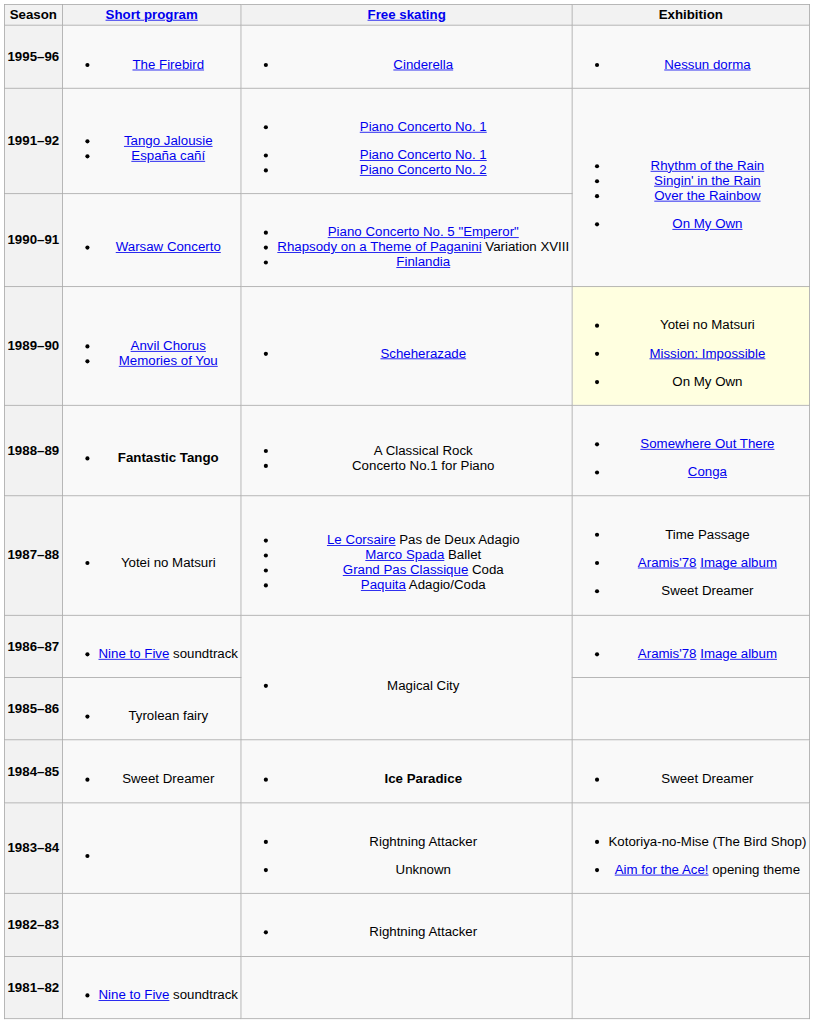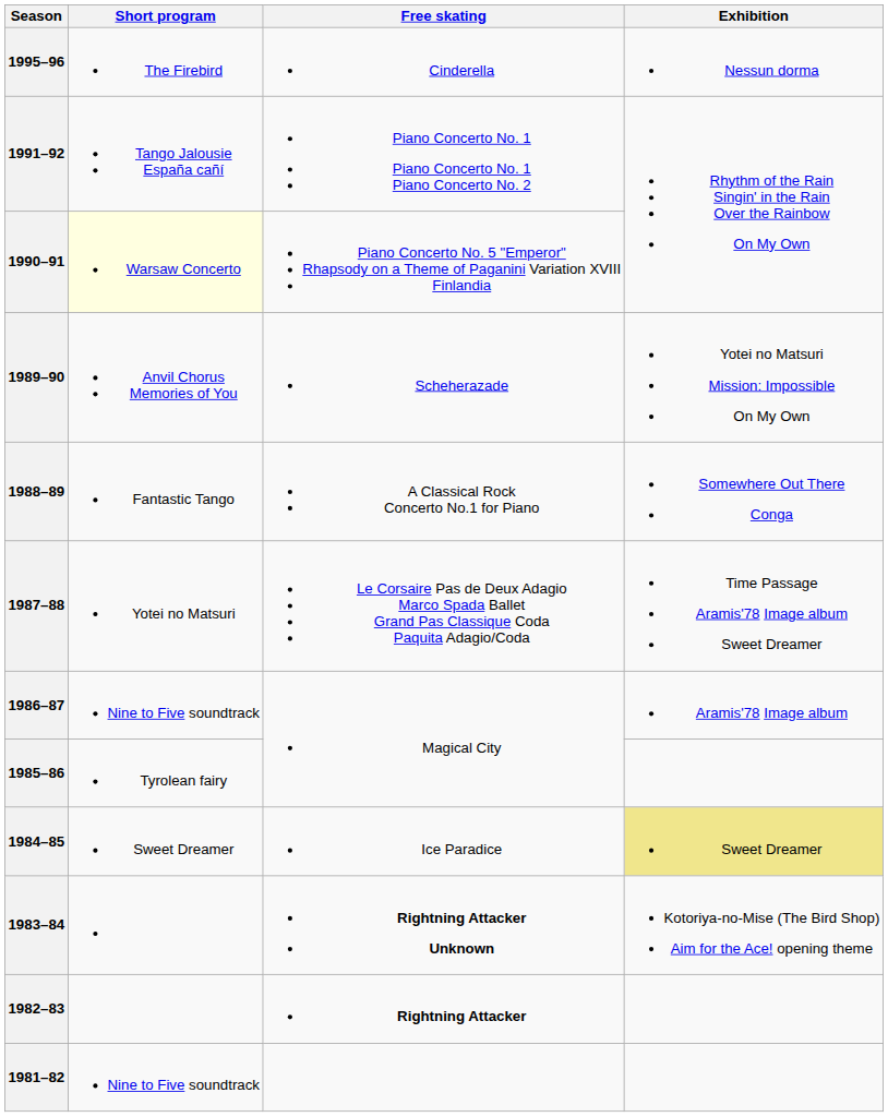 <table class="wikitable" style="text-align:center">
 <tr>
 <th>Season</th>
 <th><a href='#'>Short program</a></th>
 <th><a href='#'>Free skating</a></th>
 <th>Exhibition</th>
 </tr>
 <tr>
 <th>1995–96</th>
 <td><br><ul><li><a href='#'>The Firebird</a> <br> </li></ul></td>
 <td><br><ul><li><a href='#'>Cinderella</a> <br> </li></ul></td>
 <td><br><ul><li><a href='#'>Nessun dorma</a> <br> </li></ul></td>
 </tr>
 <tr>
 <th>1991–92</th>
 <td><br><ul><li><a href='#'>Tango Jalousie</a> <br> </li><li><a href='#'>España cañí</a> <br> </li></ul></td>
 <td><br><ul><li><a href='#'>Piano Concerto No. 1</a> <br> </li></ul><ul><li><a href='#'>Piano Concerto No. 1</a></li><li><a href='#'>Piano Concerto No. 2</a> <br> </li></ul></td>
 <td rowspan=2><br><ul><li><a href='#'>Rhythm of the Rain</a> <br> </li><li><a href='#'>Singin' in the Rain</a> <br> </li><li><a href='#'>Over the Rainbow</a> <br> </li></ul><ul><li><a href='#'>On My Own</a> <br> </li></ul></td>
 </tr>
 <tr>
 <th>1990–91</th>
-<td><br><ul><li><a href='#'>Warsaw Concerto</a> <br> </li></ul></td>
+<td style="background: lightyellow;"><br><ul><li><a href='#'>Warsaw Concerto</a> <br> </li></ul></td>
 <td><br><ul><li><a href='#'>Piano Concerto No. 5 "Emperor"</a> <br> </li><li><a href='#'>Rhapsody on a Theme of Paganini</a> Variation XVIII <br> </li><li><a href='#'>Finlandia</a> <br> </li></ul></td>
 </tr>
 <tr>
 <th>1989–90</th>
 <td><br><ul><li><a href='#'>Anvil Chorus</a> <br> </li><li><a href='#'>Memories of You</a> <br> </li></ul></td>
 <td><br><ul><li><a href='#'>Scheherazade</a> <br> </li></ul></td>
-<td style="background: lightyellow;"><br><ul><li>Yotei no Matsuri <br> </li></ul><ul><li><a href='#'>Mission: Impossible</a> <br> </li></ul><ul><li>On My Own <br> </li></ul></td>
+<td><br><ul><li>Yotei no Matsuri <br> </li></ul><ul><li><a href='#'>Mission: Impossible</a> <br> </li></ul><ul><li>On My Own <br> </li></ul></td>
 </tr>
 <tr>
 <th>1988–89</th>
-<td><strong><br><ul><li>Fantastic Tango <br> </li></ul></strong></td>
+<td><br><ul><li>Fantastic Tango <br> </li></ul></td>
 <td><br><ul><li>A Classical Rock <br> </li><li>Concerto No.1 for Piano <br> </li></ul></td>
 <td><br><ul><li><a href='#'>Somewhere Out There</a> <br> </li></ul><ul><li><a href='#'>Conga</a> <br> </li></ul></td>
 </tr>
 <tr>
 <th>1987–88</th>
 <td><br><ul><li>Yotei no Matsuri <br> </li></ul></td>
 <td><br><ul><li><a href='#'>Le Corsaire</a> Pas de Deux Adagio <br> </li><li><a href='#'>Marco Spada</a> Ballet <br> </li><li><a href='#'>Grand Pas Classique</a> Coda <br> </li><li><a href='#'>Paquita</a> Adagio/Coda <br> </li></ul></td>
 <td><br><ul><li>Time Passage <br> </li></ul><ul><li><a href='#'>Aramis'78</a> <a href='#'>Image album</a> <br> </li></ul><ul><li>Sweet Dreamer <br> </li></ul></td>
 </tr>
 <tr>
 <th>1986–87</th>
 <td><br><ul><li><a href='#'>Nine to Five</a> soundtrack <br> </li></ul></td>
 <td rowspan=2><br><ul><li>Magical City <br> </li></ul></td>
 <td><br><ul><li><a href='#'>Aramis'78</a> <a href='#'>Image album</a> <br> </li></ul></td>
 </tr>
 <tr>
 <th>1985–86</th>
 <td><br><ul><li>Tyrolean fairy <br> </li></ul></td>
 <td></td>
 </tr>
 <tr>
 <th>1984–85</th>
 <td><br><ul><li>Sweet Dreamer <br> </li></ul></td>
-<td><strong><br><ul><li>Ice Paradice <br> </li></ul></strong></td>
-<td><br><ul><li>Sweet Dreamer <br> </li></ul></td>
+<td><br><ul><li>Ice Paradice <br> </li></ul></td>
+<td style="background: khaki;"><br><ul><li>Sweet Dreamer <br> </li></ul></td>
 </tr>
 <tr>
 <th>1983–84</th>
 <td><br><ul><li></li></ul></td>
-<td><br><ul><li>Rightning Attacker <br> </li></ul><ul><li>Unknown</li></ul></td>
+<td><strong><br><ul><li>Rightning Attacker <br> </li></ul><ul><li>Unknown</li></ul></strong></td>
 <td><br><ul><li>Kotoriya-no-Mise (The Bird Shop)</li></ul><ul><li><a href='#'>Aim for the Ace!</a> opening theme <br> </li></ul></td>
 </tr>
 <tr>
 <th>1982–83</th>
 <td></td>
-<td><br><ul><li>Rightning Attacker <br> </li></ul></td>
+<td><strong><br><ul><li>Rightning Attacker <br> </li></ul></strong></td>
 <td></td>
 </tr>
 <tr>
 <th>1981–82</th>
 <td><br><ul><li><a href='#'>Nine to Five</a> soundtrack <br> </li></ul></td>
 <td></td>
 <td></td>
 </tr>
 </table>
